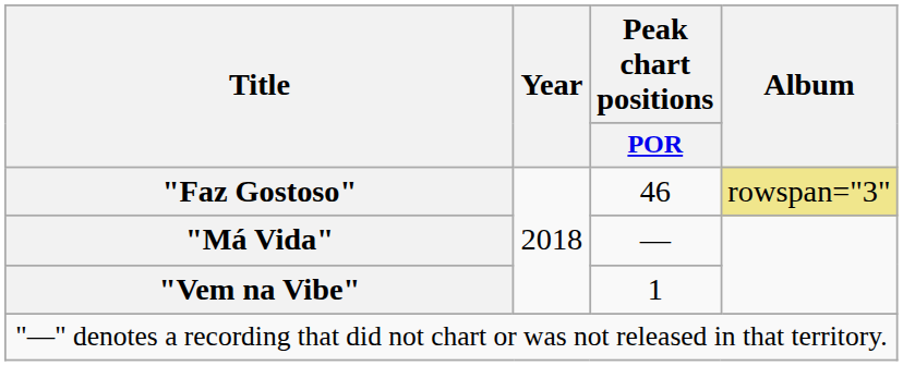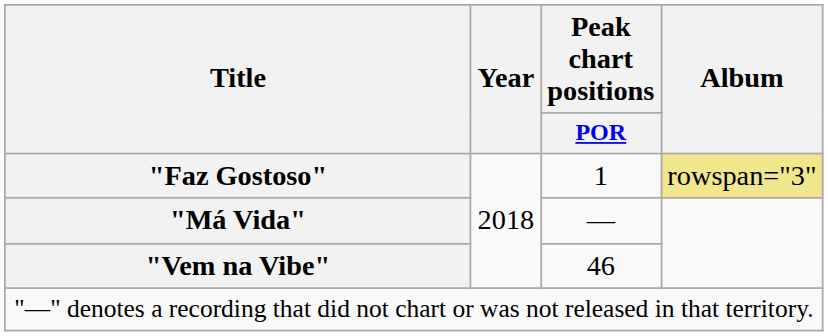 <table class="wikitable plainrowheaders" style="text-align:center;" border="1">
 <tr>
 <th rowspan="2" scope="col" style="width:16em;">Title</th>
 <th rowspan="2" scope="col">Year</th>
 <th scope="col">Peak chart positions</th>
 <th rowspan="2" scope="col">Album</th>
 </tr>
 <tr>
 <th scope="col" style="width:3em;font-size:85%;"><a href='#'>POR</a><br></th>
 </tr>
 <tr>
 <th scope="row">"Faz Gostoso"</th>
 <td rowspan="3">2018</td>
-<td>46</td>
+<td>1</td>
 <td style="background: khaki;">rowspan="3" <em></em></td>
 </tr>
 <tr>
 <th scope="row">"Má Vida"</th>
 <td>—</td>
 </tr>
 <tr>
 <th scope="row">"Vem na Vibe"</th>
-<td>1</td>
+<td>46</td>
 </tr>
 <tr>
 <td colspan="4" style="font-size:90%">"—" denotes a recording that did not chart or was not released in that territory.</td>
 </tr>
 </table>
